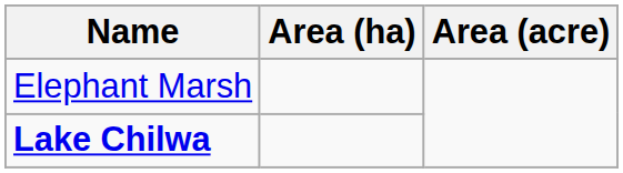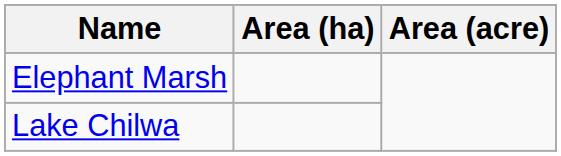 <table class="wikitable sortable">
 <tr>
 <th scope="col" align=left>Name</th>
 <th scope="col">Area (ha)</th>
 <th scope="col">Area (acre)</th>
 </tr>
 <tr ---->
 <td><a href='#'>Elephant Marsh</a></td>
 <td></td>
 </tr>
 <tr ---->
-<td><strong><a href='#'>Lake Chilwa</a></strong></td>
+<td><a href='#'>Lake Chilwa</a></td>
 <td></td>
 </tr>
 </table>
